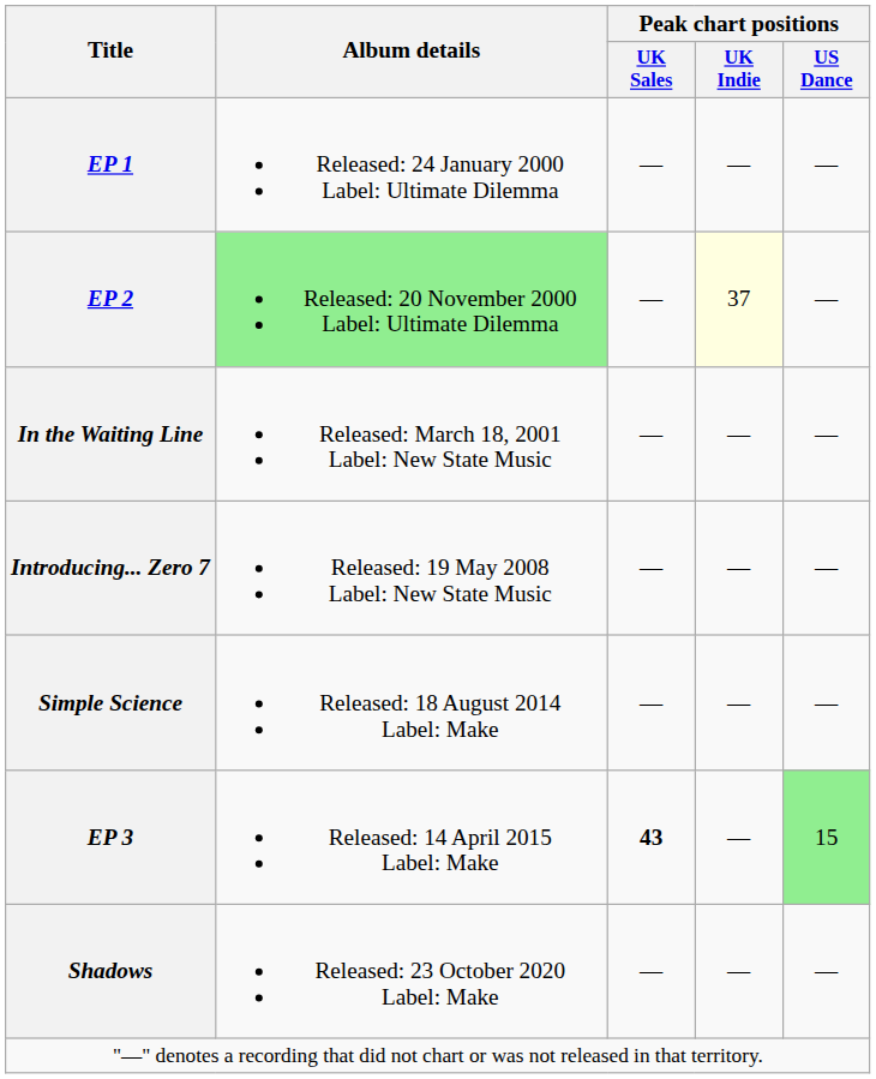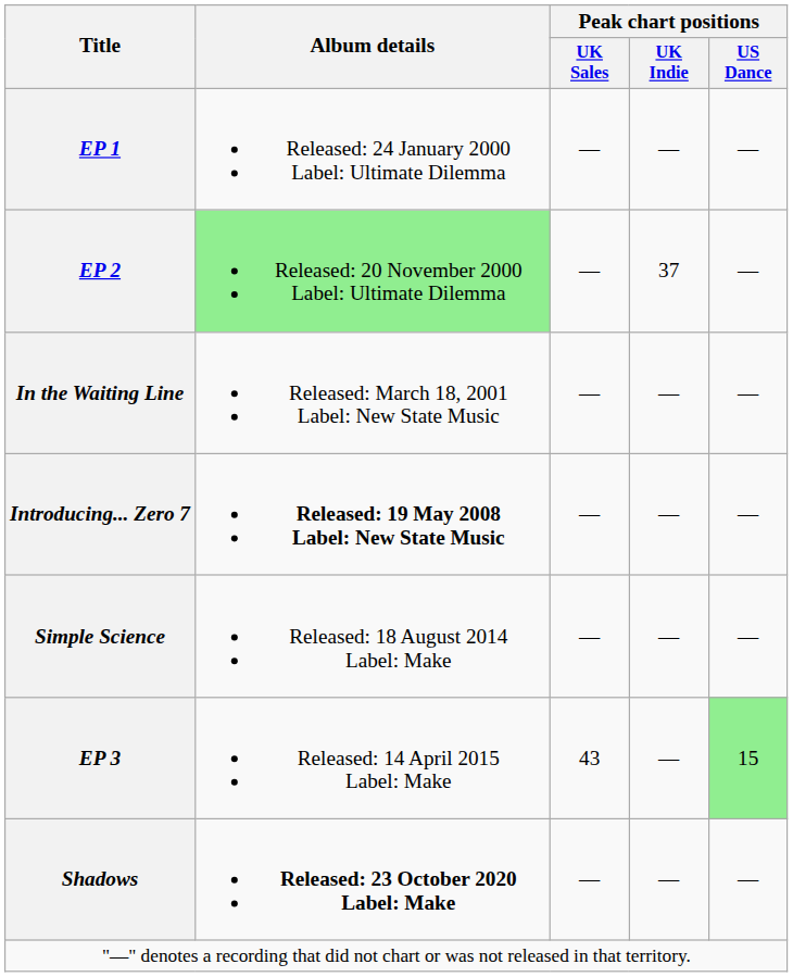 <table class="wikitable plainrowheaders" style="text-align:center;">
 <tr>
 <th rowspan="2">Title</th>
 <th rowspan="2" style="width:265px;">Album details</th>
 <th colspan="3">Peak chart positions</th>
 </tr>
 <tr>
 <th style="width:4em;font-size:85%"><a href='#'>UK<br>Sales</a><br></th>
 <th style="width:4em;font-size:85%"><a href='#'>UK<br>Indie</a><br></th>
 <th style="width:4em;font-size:85%"><a href='#'>US<br>Dance</a><br></th>
 </tr>
 <tr>
 <th scope="row"><em><a href='#'>EP 1</a></em></th>
 <td><br><ul><li>Released: 24 January 2000</li><li>Label: Ultimate Dilemma</li></ul></td>
 <td>—</td>
 <td>—</td>
 <td>—</td>
 </tr>
 <tr>
 <th scope="row"><em><a href='#'>EP 2</a></em></th>
 <td style="background: lightgreen;"><br><ul><li>Released: 20 November 2000</li><li>Label: Ultimate Dilemma</li></ul></td>
 <td>—</td>
-<td style="background: lightyellow;">37</td>
+<td>37</td>
 <td>—</td>
 </tr>
 <tr>
 <th scope="row"><em>In the Waiting Line</em></th>
 <td><br><ul><li>Released: March 18, 2001</li><li>Label: New State Music</li></ul></td>
 <td>—</td>
 <td>—</td>
 <td>—</td>
 </tr>
 <tr>
 <th scope="row"><em>Introducing... Zero 7</em></th>
-<td><br><ul><li>Released: 19 May 2008</li><li>Label: New State Music</li></ul></td>
+<td><strong><br><ul><li>Released: 19 May 2008</li><li>Label: New State Music</li></ul></strong></td>
 <td>—</td>
 <td>—</td>
 <td>—</td>
 </tr>
 <tr>
 <th scope="row"><em>Simple Science</em></th>
 <td><br><ul><li>Released: 18 August 2014</li><li>Label: Make</li></ul></td>
 <td>—</td>
 <td>—</td>
 <td>—</td>
 </tr>
 <tr>
 <th scope="row"><em>EP 3</em></th>
 <td><br><ul><li>Released: 14 April 2015</li><li>Label: Make</li></ul></td>
-<td><strong>43</strong></td>
+<td>43</td>
 <td>—</td>
 <td style="background: lightgreen;">15</td>
 </tr>
 <tr>
 <th scope="row"><em>Shadows</em></th>
-<td><br><ul><li>Released: 23 October 2020</li><li>Label: Make</li></ul></td>
+<td><strong><br><ul><li>Released: 23 October 2020</li><li>Label: Make</li></ul></strong></td>
 <td>—</td>
 <td>—</td>
 <td>—</td>
 </tr>
 <tr>
 <td colspan="10" style="font-size:90%">"—" denotes a recording that did not chart or was not released in that territory.</td>
 </tr>
 </table>
